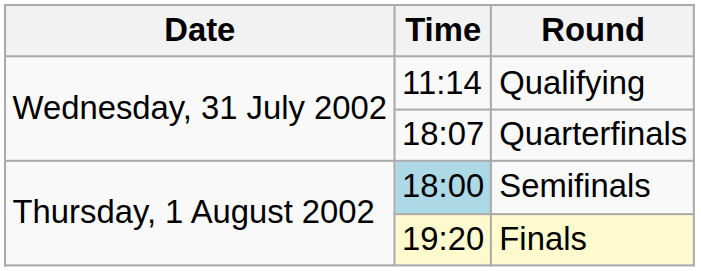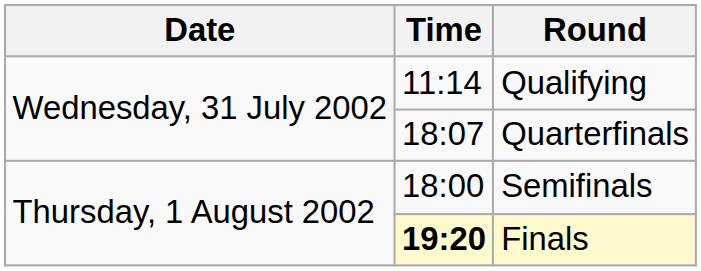 <table class="wikitable">
 <tr>
 <th>Date</th>
 <th>Time</th>
 <th>Round</th>
 </tr>
 <tr>
 <td rowspan=2>Wednesday, 31 July 2002</td>
 <td>11:14</td>
 <td>Qualifying</td>
 </tr>
 <tr>
 <td>18:07</td>
 <td>Quarterfinals</td>
 </tr>
 <tr>
 <td rowspan=2>Thursday, 1 August 2002</td>
-<td style="background: lightblue;">18:00</td>
+<td>18:00</td>
 <td>Semifinals</td>
 </tr>
 <tr>
-<td style=background:lemonchiffon>19:20</td>
+<td style=background:lemonchiffon><strong>19:20</strong></td>
 <td style=background:lemonchiffon>Finals</td>
 </tr>
 </table>
